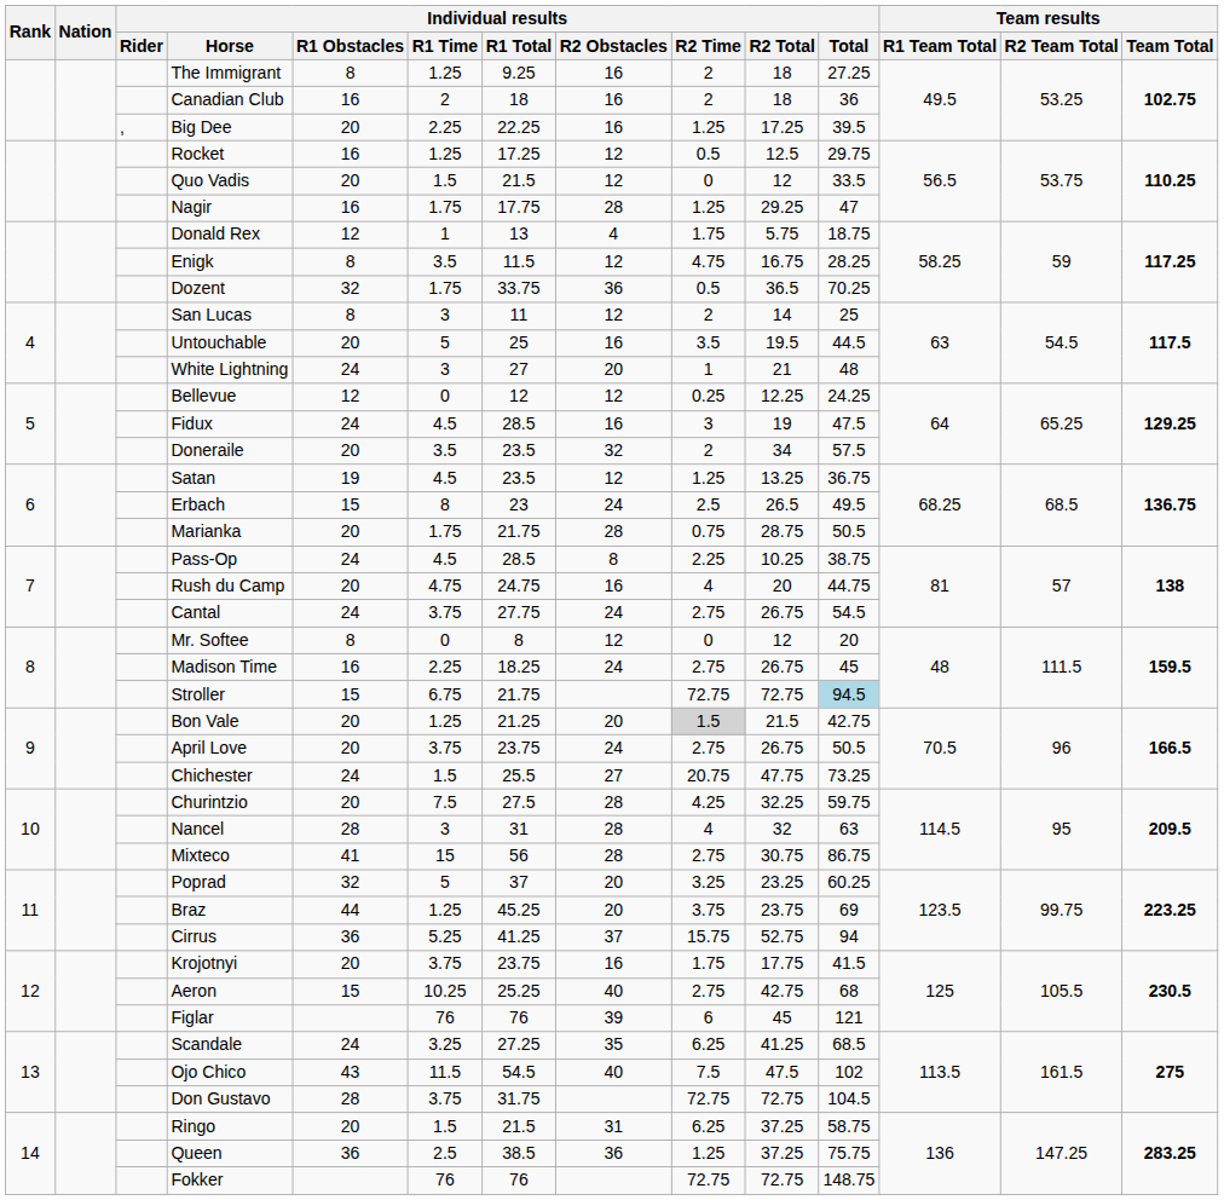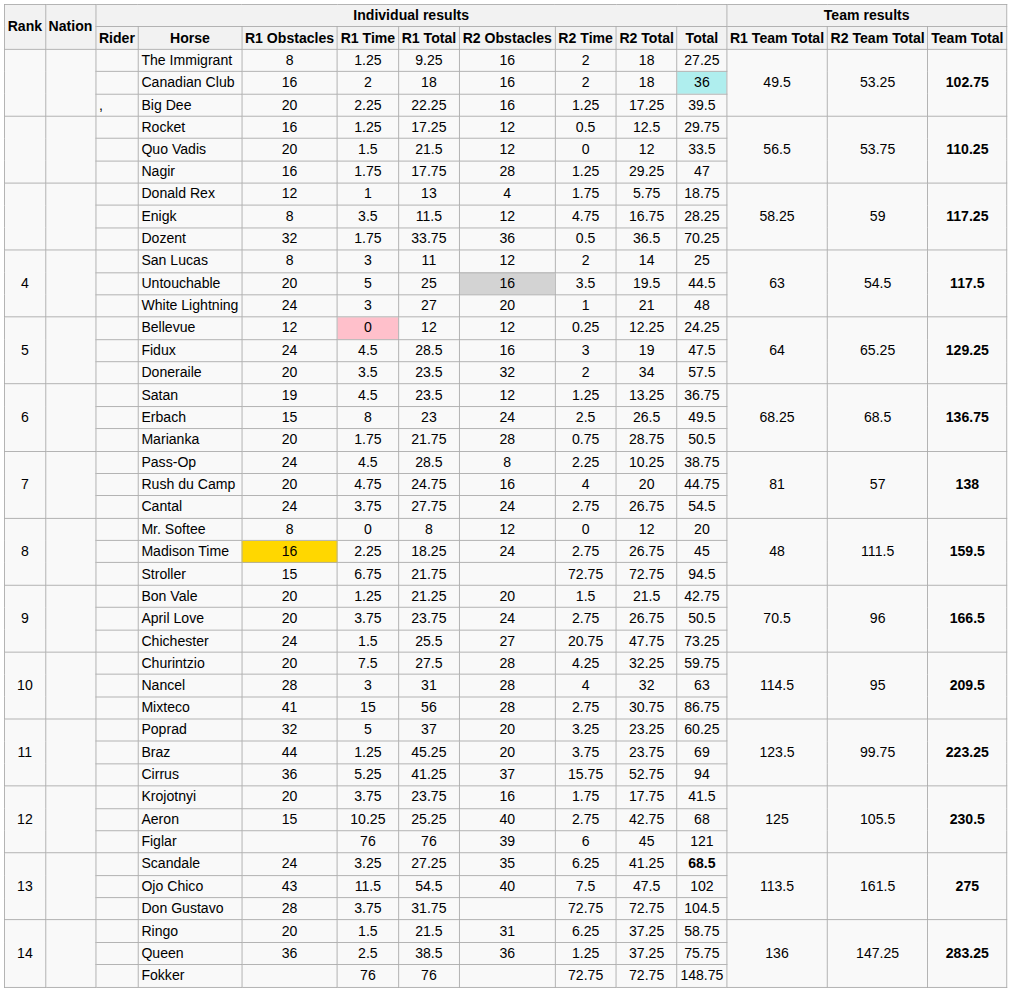 <table class="wikitable sortable" style="text-align:center">
 <tr>
 <th rowspan=2>Rank</th>
 <th rowspan=2>Nation</th>
 <th colspan=9>Individual results</th>
 <th colspan=3>Team results</th>
 </tr>
 <tr>
 <th>Rider</th>
 <th>Horse</th>
 <th>R1 Obstacles</th>
 <th>R1 Time</th>
 <th>R1 Total</th>
 <th>R2 Obstacles</th>
 <th>R2 Time</th>
 <th>R2 Total</th>
 <th>Total</th>
 <th>R1 Team Total</th>
 <th>R2 Team Total</th>
 <th>Team Total</th>
 </tr>
 <tr>
 <td rowspan=3></td>
 <td align=left rowspan=3></td>
 <td align=left></td>
 <td align=left>The Immigrant</td>
 <td>8</td>
 <td>1.25</td>
 <td>9.25</td>
 <td>16</td>
 <td>2</td>
 <td>18</td>
 <td>27.25</td>
 <td rowspan=3>49.5</td>
 <td rowspan=3>53.25</td>
 <td rowspan=3><strong>102.75</strong></td>
 </tr>
 <tr>
 <td align=left></td>
 <td align=left>Canadian Club</td>
 <td>16</td>
 <td>2</td>
 <td>18</td>
 <td>16</td>
 <td>2</td>
 <td>18</td>
-<td>36</td>
+<td style="background: paleturquoise;">36</td>
 </tr>
 <tr>
 <td align=left>,</td>
 <td align=left>Big Dee</td>
 <td>20</td>
 <td>2.25</td>
 <td>22.25</td>
 <td>16</td>
 <td>1.25</td>
 <td>17.25</td>
 <td>39.5</td>
 </tr>
 <tr>
 <td rowspan=3></td>
 <td align=left rowspan=3></td>
 <td align=left></td>
 <td align=left>Rocket</td>
 <td>16</td>
 <td>1.25</td>
 <td>17.25</td>
 <td>12</td>
 <td>0.5</td>
 <td>12.5</td>
 <td>29.75</td>
 <td rowspan=3>56.5</td>
 <td rowspan=3>53.75</td>
 <td rowspan=3><strong>110.25</strong></td>
 </tr>
 <tr>
 <td align=left></td>
 <td align=left>Quo Vadis</td>
 <td>20</td>
 <td>1.5</td>
 <td>21.5</td>
 <td>12</td>
 <td>0</td>
 <td>12</td>
 <td>33.5</td>
 </tr>
 <tr>
 <td align=left></td>
 <td align=left>Nagir</td>
 <td>16</td>
 <td>1.75</td>
 <td>17.75</td>
 <td>28</td>
 <td>1.25</td>
 <td>29.25</td>
 <td>47</td>
 </tr>
 <tr>
 <td rowspan=3></td>
 <td align=left rowspan=3></td>
 <td align=left></td>
 <td align=left>Donald Rex</td>
 <td>12</td>
 <td>1</td>
 <td>13</td>
 <td>4</td>
 <td>1.75</td>
 <td>5.75</td>
 <td>18.75</td>
 <td rowspan=3>58.25</td>
 <td rowspan=3>59</td>
 <td rowspan=3><strong>117.25</strong></td>
 </tr>
 <tr>
 <td align=left></td>
 <td align=left>Enigk</td>
 <td>8</td>
 <td>3.5</td>
 <td>11.5</td>
 <td>12</td>
 <td>4.75</td>
 <td>16.75</td>
 <td>28.25</td>
 </tr>
 <tr>
 <td align=left></td>
 <td align=left>Dozent</td>
 <td>32</td>
 <td>1.75</td>
 <td>33.75</td>
 <td>36</td>
 <td>0.5</td>
 <td>36.5</td>
 <td>70.25</td>
 </tr>
 <tr>
 <td rowspan=3>4</td>
 <td align=left rowspan=3></td>
 <td align=left></td>
 <td align=left>San Lucas</td>
 <td>8</td>
 <td>3</td>
 <td>11</td>
 <td>12</td>
 <td>2</td>
 <td>14</td>
 <td>25</td>
 <td rowspan=3>63</td>
 <td rowspan=3>54.5</td>
 <td rowspan=3><strong>117.5</strong></td>
 </tr>
 <tr>
 <td align=left></td>
 <td align=left>Untouchable</td>
 <td>20</td>
 <td>5</td>
 <td>25</td>
-<td>16</td>
+<td style="background: lightgrey;">16</td>
 <td>3.5</td>
 <td>19.5</td>
 <td>44.5</td>
 </tr>
 <tr>
 <td align=left></td>
 <td align=left>White Lightning</td>
 <td>24</td>
 <td>3</td>
 <td>27</td>
 <td>20</td>
 <td>1</td>
 <td>21</td>
 <td>48</td>
 </tr>
 <tr>
 <td rowspan=3>5</td>
 <td align=left rowspan=3></td>
 <td align=left></td>
 <td align=left>Bellevue</td>
 <td>12</td>
-<td>0</td>
+<td style="background: pink;">0</td>
 <td>12</td>
 <td>12</td>
 <td>0.25</td>
 <td>12.25</td>
 <td>24.25</td>
 <td rowspan=3>64</td>
 <td rowspan=3>65.25</td>
 <td rowspan=3><strong>129.25</strong></td>
 </tr>
 <tr>
 <td align=left></td>
 <td align=left>Fidux</td>
 <td>24</td>
 <td>4.5</td>
 <td>28.5</td>
 <td>16</td>
 <td>3</td>
 <td>19</td>
 <td>47.5</td>
 </tr>
 <tr>
 <td align=left></td>
 <td align=left>Doneraile</td>
 <td>20</td>
 <td>3.5</td>
 <td>23.5</td>
 <td>32</td>
 <td>2</td>
 <td>34</td>
 <td>57.5</td>
 </tr>
 <tr>
 <td rowspan=3>6</td>
 <td align=left rowspan=3></td>
 <td align=left></td>
 <td align=left>Satan</td>
 <td>19</td>
 <td>4.5</td>
 <td>23.5</td>
 <td>12</td>
 <td>1.25</td>
 <td>13.25</td>
 <td>36.75</td>
 <td rowspan=3>68.25</td>
 <td rowspan=3>68.5</td>
 <td rowspan=3><strong>136.75</strong></td>
 </tr>
 <tr>
 <td align=left></td>
 <td align=left>Erbach</td>
 <td>15</td>
 <td>8</td>
 <td>23</td>
 <td>24</td>
 <td>2.5</td>
 <td>26.5</td>
 <td>49.5</td>
 </tr>
 <tr>
 <td align=left></td>
 <td align=left>Marianka</td>
 <td>20</td>
 <td>1.75</td>
 <td>21.75</td>
 <td>28</td>
 <td>0.75</td>
 <td>28.75</td>
 <td>50.5</td>
 </tr>
 <tr>
 <td rowspan=3>7</td>
 <td align=left rowspan=3></td>
 <td align=left></td>
 <td align=left>Pass-Op</td>
 <td>24</td>
 <td>4.5</td>
 <td>28.5</td>
 <td>8</td>
 <td>2.25</td>
 <td>10.25</td>
 <td>38.75</td>
 <td rowspan=3>81</td>
 <td rowspan=3>57</td>
 <td rowspan=3><strong>138</strong></td>
 </tr>
 <tr>
 <td align=left></td>
 <td align=left>Rush du Camp</td>
 <td>20</td>
 <td>4.75</td>
 <td>24.75</td>
 <td>16</td>
 <td>4</td>
 <td>20</td>
 <td>44.75</td>
 </tr>
 <tr>
 <td align=left></td>
 <td align=left>Cantal</td>
 <td>24</td>
 <td>3.75</td>
 <td>27.75</td>
 <td>24</td>
 <td>2.75</td>
 <td>26.75</td>
 <td>54.5</td>
 </tr>
 <tr>
 <td rowspan=3>8</td>
 <td align=left rowspan=3></td>
 <td align=left></td>
 <td align=left>Mr. Softee</td>
 <td>8</td>
 <td>0</td>
 <td>8</td>
 <td>12</td>
 <td>0</td>
 <td>12</td>
 <td>20</td>
 <td rowspan=3>48</td>
 <td rowspan=3>111.5</td>
 <td rowspan=3><strong>159.5</strong></td>
 </tr>
 <tr>
 <td align=left></td>
 <td align=left>Madison Time</td>
-<td>16</td>
+<td style="background: gold;">16</td>
 <td>2.25</td>
 <td>18.25</td>
 <td>24</td>
 <td>2.75</td>
 <td>26.75</td>
 <td>45</td>
 </tr>
 <tr>
 <td align=left></td>
 <td align=left>Stroller</td>
 <td>15</td>
 <td>6.75</td>
 <td>21.75</td>
 <td></td>
 <td>72.75</td>
 <td>72.75</td>
-<td style="background: lightblue;">94.5</td>
+<td>94.5</td>
 </tr>
 <tr>
 <td rowspan=3>9</td>
 <td align=left rowspan=3></td>
 <td align=left></td>
 <td align=left>Bon Vale</td>
 <td>20</td>
 <td>1.25</td>
 <td>21.25</td>
 <td>20</td>
-<td style="background: lightgrey;">1.5</td>
+<td>1.5</td>
 <td>21.5</td>
 <td>42.75</td>
 <td rowspan=3>70.5</td>
 <td rowspan=3>96</td>
 <td rowspan=3><strong>166.5</strong></td>
 </tr>
 <tr>
 <td align=left></td>
 <td align=left>April Love</td>
 <td>20</td>
 <td>3.75</td>
 <td>23.75</td>
 <td>24</td>
 <td>2.75</td>
 <td>26.75</td>
 <td>50.5</td>
 </tr>
 <tr>
 <td align=left></td>
 <td align=left>Chichester</td>
 <td>24</td>
 <td>1.5</td>
 <td>25.5</td>
 <td>27</td>
 <td>20.75</td>
 <td>47.75</td>
 <td>73.25</td>
 </tr>
 <tr>
 <td rowspan=3>10</td>
 <td align=left rowspan=3></td>
 <td align=left></td>
 <td align=left>Churintzio</td>
 <td>20</td>
 <td>7.5</td>
 <td>27.5</td>
 <td>28</td>
 <td>4.25</td>
 <td>32.25</td>
 <td>59.75</td>
 <td rowspan=3>114.5</td>
 <td rowspan=3>95</td>
 <td rowspan=3><strong>209.5</strong></td>
 </tr>
 <tr>
 <td align=left></td>
 <td align=left>Nancel</td>
 <td>28</td>
 <td>3</td>
 <td>31</td>
 <td>28</td>
 <td>4</td>
 <td>32</td>
 <td>63</td>
 </tr>
 <tr>
 <td align=left></td>
 <td align=left>Mixteco</td>
 <td>41</td>
 <td>15</td>
 <td>56</td>
 <td>28</td>
 <td>2.75</td>
 <td>30.75</td>
 <td>86.75</td>
 </tr>
 <tr>
 <td rowspan=3>11</td>
 <td align=left rowspan=3></td>
 <td align=left></td>
 <td align=left>Poprad</td>
 <td>32</td>
 <td>5</td>
 <td>37</td>
 <td>20</td>
 <td>3.25</td>
 <td>23.25</td>
 <td>60.25</td>
 <td rowspan=3>123.5</td>
 <td rowspan=3>99.75</td>
 <td rowspan=3><strong>223.25</strong></td>
 </tr>
 <tr>
 <td align=left></td>
 <td align=left>Braz</td>
 <td>44</td>
 <td>1.25</td>
 <td>45.25</td>
 <td>20</td>
 <td>3.75</td>
 <td>23.75</td>
 <td>69</td>
 </tr>
 <tr>
 <td align=left></td>
 <td align=left>Cirrus</td>
 <td>36</td>
 <td>5.25</td>
 <td>41.25</td>
 <td>37</td>
 <td>15.75</td>
 <td>52.75</td>
 <td>94</td>
 </tr>
 <tr>
 <td rowspan=3>12</td>
 <td align=left rowspan=3></td>
 <td align=left></td>
 <td align=left>Krojotnyi</td>
 <td>20</td>
 <td>3.75</td>
 <td>23.75</td>
 <td>16</td>
 <td>1.75</td>
 <td>17.75</td>
 <td>41.5</td>
 <td rowspan=3>125</td>
 <td rowspan=3>105.5</td>
 <td rowspan=3><strong>230.5</strong></td>
 </tr>
 <tr>
 <td align=left></td>
 <td align=left>Aeron</td>
 <td>15</td>
 <td>10.25</td>
 <td>25.25</td>
 <td>40</td>
 <td>2.75</td>
 <td>42.75</td>
 <td>68</td>
 </tr>
 <tr>
 <td align=left></td>
 <td align=left>Figlar</td>
 <td></td>
 <td>76</td>
 <td>76</td>
 <td>39</td>
 <td>6</td>
 <td>45</td>
 <td>121</td>
 </tr>
 <tr>
 <td rowspan=3>13</td>
 <td align=left rowspan=3></td>
 <td align=left></td>
 <td align=left>Scandale</td>
 <td>24</td>
 <td>3.25</td>
 <td>27.25</td>
 <td>35</td>
 <td>6.25</td>
 <td>41.25</td>
-<td>68.5</td>
+<td><strong>68.5</strong></td>
 <td rowspan=3>113.5</td>
 <td rowspan=3>161.5</td>
 <td rowspan=3><strong>275</strong></td>
 </tr>
 <tr>
 <td align=left></td>
 <td align=left>Ojo Chico</td>
 <td>43</td>
 <td>11.5</td>
 <td>54.5</td>
 <td>40</td>
 <td>7.5</td>
 <td>47.5</td>
 <td>102</td>
 </tr>
 <tr>
 <td align=left></td>
 <td align=left>Don Gustavo</td>
 <td>28</td>
 <td>3.75</td>
 <td>31.75</td>
 <td></td>
 <td>72.75</td>
 <td>72.75</td>
 <td>104.5</td>
 </tr>
 <tr>
 <td rowspan=3>14</td>
 <td align=left rowspan=3></td>
 <td align=left></td>
 <td align=left>Ringo</td>
 <td>20</td>
 <td>1.5</td>
 <td>21.5</td>
 <td>31</td>
 <td>6.25</td>
 <td>37.25</td>
 <td>58.75</td>
 <td rowspan=3>136</td>
 <td rowspan=3>147.25</td>
 <td rowspan=3><strong>283.25</strong></td>
 </tr>
 <tr>
 <td align=left></td>
 <td align=left>Queen</td>
 <td>36</td>
 <td>2.5</td>
 <td>38.5</td>
 <td>36</td>
 <td>1.25</td>
 <td>37.25</td>
 <td>75.75</td>
 </tr>
 <tr>
 <td align=left></td>
 <td align=left>Fokker</td>
 <td></td>
 <td>76</td>
 <td>76</td>
 <td></td>
 <td>72.75</td>
 <td>72.75</td>
 <td>148.75</td>
 </tr>
 </table>
